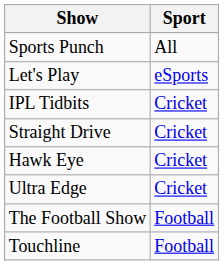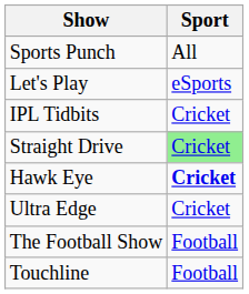 <table class="wikitable">
 <tr>
 <th>Show</th>
 <th>Sport</th>
 </tr>
 <tr>
 <td>Sports Punch</td>
 <td>All</td>
 </tr>
 <tr>
 <td>Let's Play</td>
 <td><a href='#'>eSports</a></td>
 </tr>
 <tr>
 <td>IPL Tidbits</td>
 <td><a href='#'>Cricket</a></td>
 </tr>
 <tr>
 <td>Straight Drive</td>
-<td><a href='#'>Cricket</a></td>
+<td style="background: lightgreen;"><a href='#'>Cricket</a></td>
 </tr>
 <tr>
 <td>Hawk Eye</td>
-<td><a href='#'>Cricket</a></td>
+<td><strong><a href='#'>Cricket</a></strong></td>
 </tr>
 <tr>
 <td>Ultra Edge</td>
 <td><a href='#'>Cricket</a></td>
 </tr>
 <tr>
 <td>The Football Show</td>
 <td><a href='#'>Football</a></td>
 </tr>
 <tr>
 <td>Touchline</td>
 <td><a href='#'>Football</a></td>
 </tr>
 </table>
